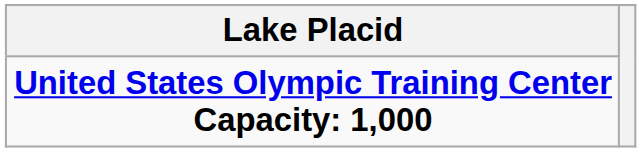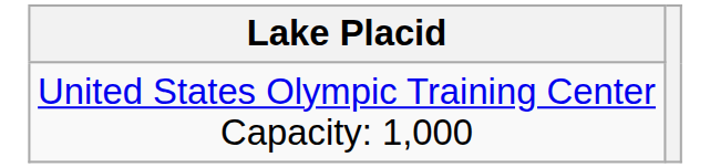 <table class="wikitable" style="margin:1em auto; text-align:center;">
 <tr>
 <th style="border-left:none; border-right;">Lake Placid</th>
 <th rowspan="6"></th>
 </tr>
 <tr>
-<td><strong><a href='#'>United States Olympic Training Center</a><br>Capacity: 1,000</strong></td>
+<td><a href='#'>United States Olympic Training Center</a><br>Capacity: 1,000</td>
 </tr>
 </table>
